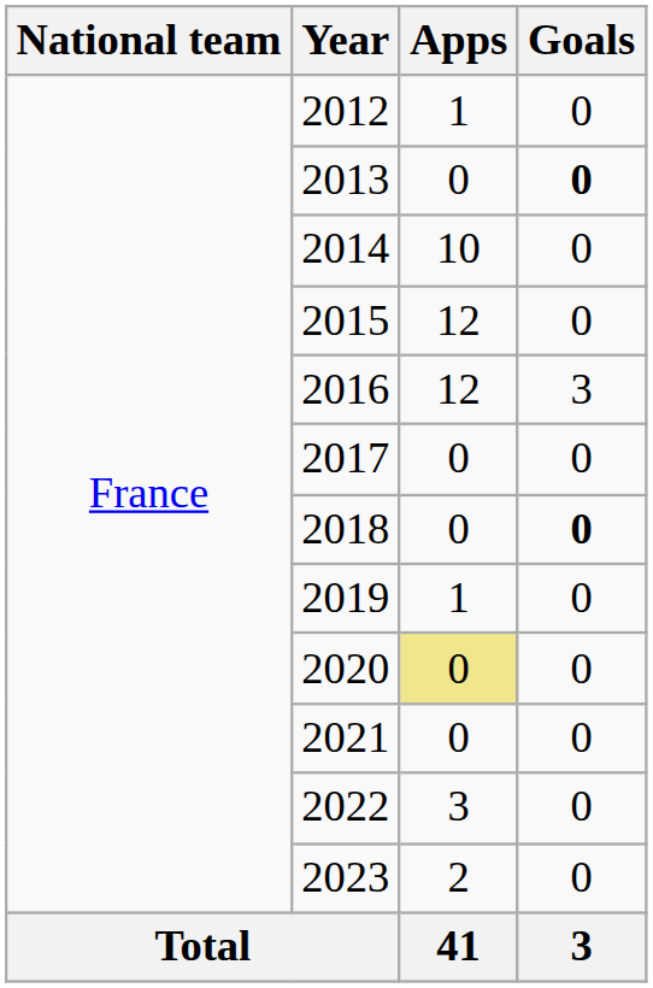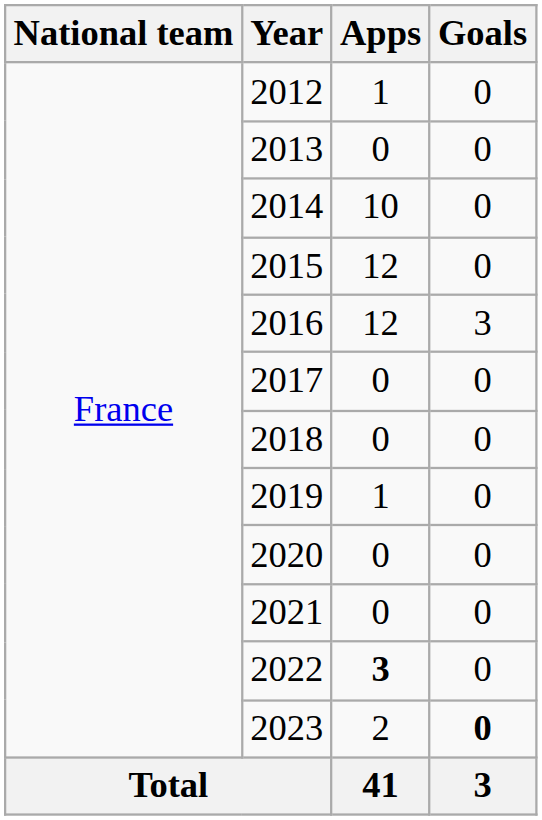 <table class="wikitable" style="text-align:center">
 <tr>
 <th>National team</th>
 <th>Year</th>
 <th>Apps</th>
 <th>Goals</th>
 </tr>
 <tr>
 <td rowspan="12"><a href='#'>France</a></td>
 <td>2012</td>
 <td>1</td>
 <td>0</td>
 </tr>
 <tr>
 <td>2013</td>
 <td>0</td>
-<td><strong>0</strong></td>
+<td>0</td>
 </tr>
 <tr>
 <td>2014</td>
 <td>10</td>
 <td>0</td>
 </tr>
 <tr>
 <td>2015</td>
 <td>12</td>
 <td>0</td>
 </tr>
 <tr>
 <td>2016</td>
 <td>12</td>
 <td>3</td>
 </tr>
 <tr>
 <td>2017</td>
 <td>0</td>
 <td>0</td>
 </tr>
 <tr>
 <td>2018</td>
 <td>0</td>
-<td><strong>0</strong></td>
+<td>0</td>
 </tr>
 <tr>
 <td>2019</td>
 <td>1</td>
 <td>0</td>
 </tr>
 <tr>
 <td>2020</td>
-<td style="background: khaki;">0</td>
+<td>0</td>
 <td>0</td>
 </tr>
 <tr>
 <td>2021</td>
 <td>0</td>
 <td>0</td>
 </tr>
 <tr>
 <td>2022</td>
-<td>3</td>
+<td><strong>3</strong></td>
 <td>0</td>
 </tr>
 <tr>
 <td>2023</td>
 <td>2</td>
-<td>0</td>
+<td><strong>0</strong></td>
 </tr>
 <tr>
 <th colspan="2">Total</th>
 <th>41</th>
 <th>3</th>
 </tr>
 </table>
